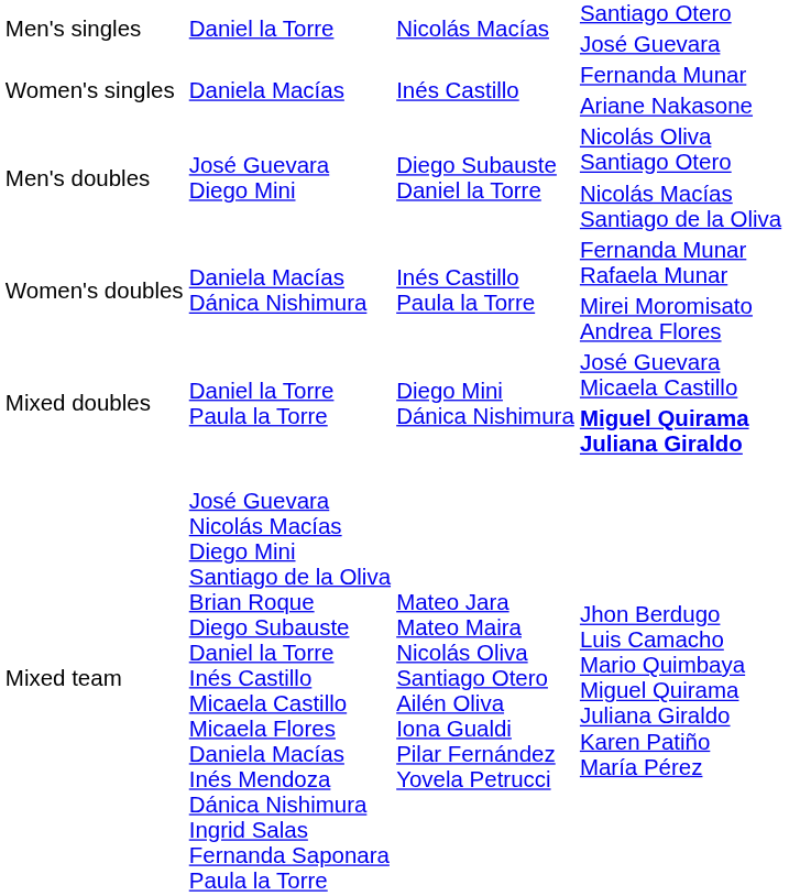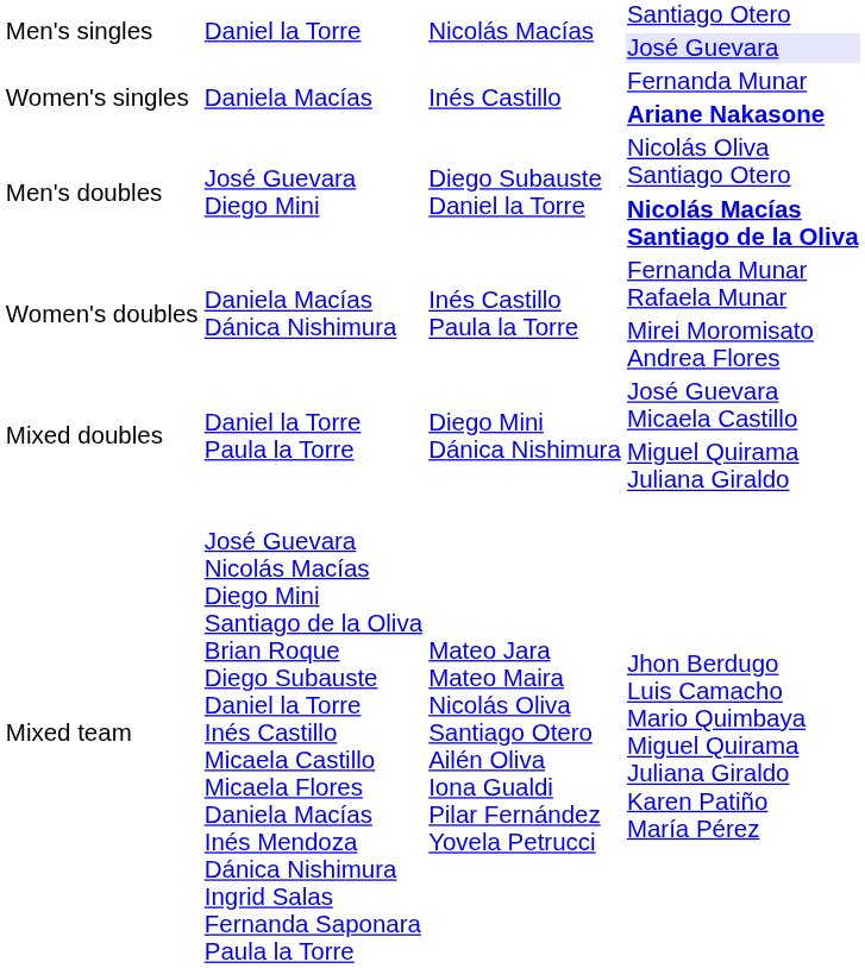 <table>
 <tr>
 <td rowspan="2">Men's singles</td>
 <td rowspan="2"> <a href='#'>Daniel la Torre</a></td>
 <td rowspan="2"> <a href='#'>Nicolás Macías</a></td>
 <td> <a href='#'>Santiago Otero</a></td>
 </tr>
 <tr>
-<td> <a href='#'>José Guevara</a></td>
+<td style="background: lavender;"> <a href='#'>José Guevara</a></td>
 </tr>
 <tr>
 <td rowspan="2">Women's singles</td>
 <td rowspan="2"> <a href='#'>Daniela Macías</a></td>
 <td rowspan="2"> <a href='#'>Inés Castillo</a></td>
 <td> <a href='#'>Fernanda Munar</a></td>
 </tr>
 <tr>
-<td> <a href='#'>Ariane Nakasone</a></td>
+<td><strong> <a href='#'>Ariane Nakasone</a></strong></td>
 </tr>
 <tr>
 <td rowspan="2">Men's doubles</td>
 <td rowspan="2"> <a href='#'>José Guevara</a><br> <a href='#'>Diego Mini</a></td>
 <td rowspan="2"> <a href='#'>Diego Subauste</a><br> <a href='#'>Daniel la Torre</a></td>
 <td> <a href='#'>Nicolás Oliva</a><br> <a href='#'>Santiago Otero</a></td>
 </tr>
 <tr>
-<td> <a href='#'>Nicolás Macías</a><br> <a href='#'>Santiago de la Oliva</a></td>
+<td><strong> <a href='#'>Nicolás Macías</a><br> <a href='#'>Santiago de la Oliva</a></strong></td>
 </tr>
 <tr>
 <td rowspan="2">Women's doubles</td>
 <td rowspan="2"> <a href='#'>Daniela Macías</a><br> <a href='#'>Dánica Nishimura</a></td>
 <td rowspan="2"> <a href='#'>Inés Castillo</a><br> <a href='#'>Paula la Torre</a></td>
 <td> <a href='#'>Fernanda Munar</a><br> <a href='#'>Rafaela Munar</a></td>
 </tr>
 <tr>
 <td> <a href='#'>Mirei Moromisato</a><br> <a href='#'>Andrea Flores</a></td>
 </tr>
 <tr>
 <td rowspan="2">Mixed doubles</td>
 <td rowspan="2"> <a href='#'>Daniel la Torre</a><br> <a href='#'>Paula la Torre</a></td>
 <td rowspan="2"> <a href='#'>Diego Mini</a><br> <a href='#'>Dánica Nishimura</a></td>
 <td> <a href='#'>José Guevara</a><br> <a href='#'>Micaela Castillo</a></td>
 </tr>
 <tr>
-<td><strong> <a href='#'>Miguel Quirama</a><br> <a href='#'>Juliana Giraldo</a></strong></td>
+<td> <a href='#'>Miguel Quirama</a><br> <a href='#'>Juliana Giraldo</a></td>
 </tr>
 <tr>
 <td>Mixed team</td>
 <td align="left"><br><a href='#'>José Guevara</a><br><a href='#'>Nicolás Macías</a><br><a href='#'>Diego Mini</a><br><a href='#'>Santiago de la Oliva</a><br><a href='#'>Brian Roque</a><br><a href='#'>Diego Subauste</a><br><a href='#'>Daniel la Torre</a><br><a href='#'>Inés Castillo</a><br><a href='#'>Micaela Castillo</a><br><a href='#'>Micaela Flores</a><br><a href='#'>Daniela Macías</a><br><a href='#'>Inés Mendoza</a><br><a href='#'>Dánica Nishimura</a><br><a href='#'>Ingrid Salas</a><br><a href='#'>Fernanda Saponara</a><br><a href='#'>Paula la Torre</a></td>
 <td align="left"><br><a href='#'>Mateo Jara</a><br><a href='#'>Mateo Maira</a><br><a href='#'>Nicolás Oliva</a><br><a href='#'>Santiago Otero</a><br><a href='#'>Ailén Oliva</a><br><a href='#'>Iona Gualdi</a><br><a href='#'>Pilar Fernández</a><br><a href='#'>Yovela Petrucci</a></td>
 <td align="left"><br><a href='#'>Jhon Berdugo</a><br><a href='#'>Luis Camacho</a><br><a href='#'>Mario Quimbaya</a><br><a href='#'>Miguel Quirama</a><br><a href='#'>Juliana Giraldo</a><br><a href='#'>Karen Patiño</a><br><a href='#'>María Pérez</a></td>
 </tr>
 </table>
